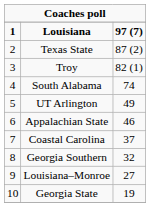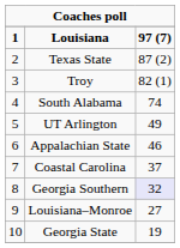 <table class="wikitable">
 <tr align="center">
 <td align="center" Colspan="3"><strong>Coaches poll</strong></td>
 </tr>
 <tr align="center">
 </tr>
 <tr align="center">
 <td><strong>1</strong></td>
 <td><strong>Louisiana</strong></td>
 <td><strong>97 (7)</strong></td>
 </tr>
 <tr align="center">
 <td>2</td>
 <td>Texas State</td>
 <td>87 (2)</td>
 </tr>
 <tr align="center">
 <td>3</td>
 <td>Troy</td>
 <td>82 (1)</td>
 </tr>
 <tr align="center">
 <td>4</td>
 <td>South Alabama</td>
 <td>74</td>
 </tr>
 <tr align="center">
 <td>5</td>
 <td>UT Arlington</td>
 <td>49</td>
 </tr>
 <tr align="center">
 <td>6</td>
 <td>Appalachian State</td>
 <td>46</td>
 </tr>
 <tr align="center">
 <td>7</td>
 <td>Coastal Carolina</td>
 <td>37</td>
 </tr>
 <tr align="center">
 <td>8</td>
 <td>Georgia Southern</td>
-<td>32</td>
+<td style="background: lavender;">32</td>
 </tr>
 <tr align="center">
 <td>9</td>
 <td>Louisiana–Monroe</td>
 <td>27</td>
 </tr>
 <tr align="center">
 <td>10</td>
 <td>Georgia State</td>
 <td>19</td>
 </tr>
 <tr align="center">
 </tr>
 </table>
